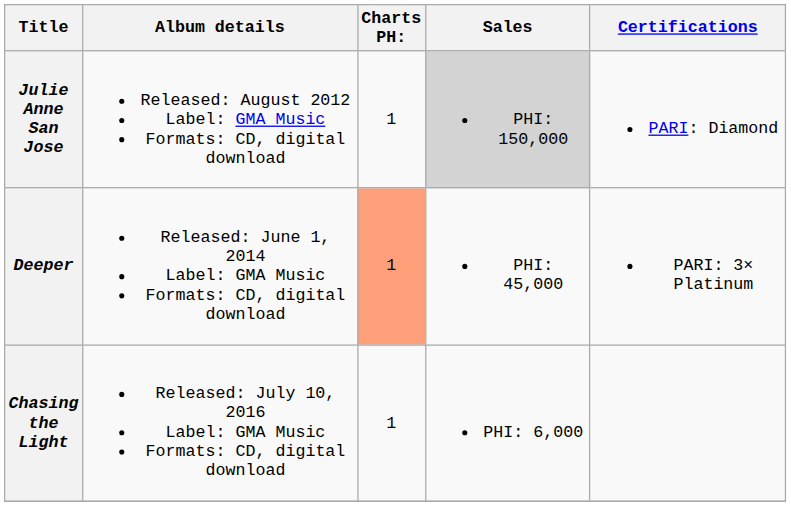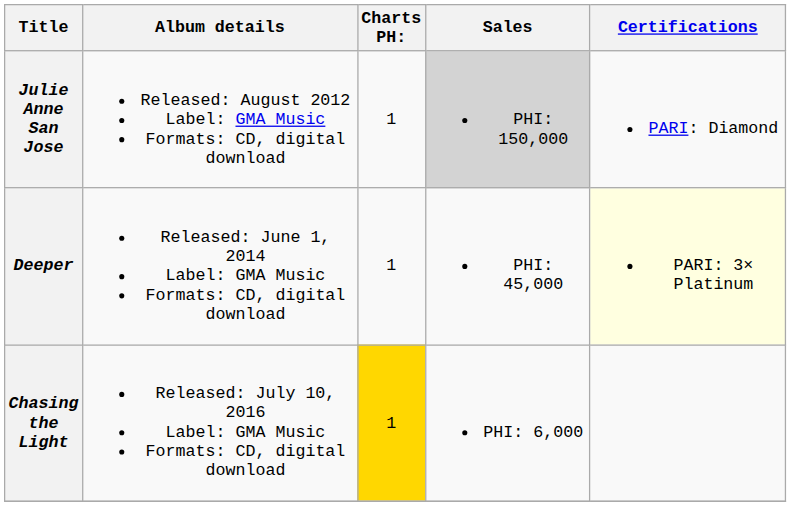 <table class="wikitable plainrowheaders" style="text-align:center;" style="text-align:center;">
 <tr>
 <th>Title</th>
 <th style="width:18em;">Album details</th>
 <th>Charts<br>PH:</th>
 <th style="width:10em;">Sales</th>
 <th style="width:12em;"><a href='#'>Certifications</a></th>
 </tr>
 <tr>
 <th scope="row"><em>Julie Anne San Jose</em></th>
 <td><br><ul><li>Released: August 2012</li><li>Label: <a href='#'>GMA Music</a></li><li>Formats: CD, digital download</li></ul></td>
 <td>1</td>
 <td style="background: lightgrey;"><br><ul><li>PHI: 150,000</li></ul></td>
 <td><br><ul><li><a href='#'>PARI</a>: Diamond</li></ul></td>
 </tr>
 <tr>
 <th scope="row"><em>Deeper</em></th>
 <td><br><ul><li>Released: June 1, 2014</li><li>Label: GMA Music</li><li>Formats: CD, digital download</li></ul></td>
-<td style="background: lightsalmon;">1</td>
+<td>1</td>
 <td><br><ul><li>PHI: 45,000</li></ul></td>
-<td><br><ul><li>PARI: 3× Platinum</li></ul></td>
+<td style="background: lightyellow;"><br><ul><li>PARI: 3× Platinum</li></ul></td>
 </tr>
 <tr>
 <th scope="row"><em>Chasing the Light</em></th>
 <td><br><ul><li>Released: July 10, 2016</li><li>Label: GMA Music</li><li>Formats: CD, digital download</li></ul></td>
-<td>1</td>
+<td style="background: gold;">1</td>
 <td><br><ul><li>PHI: 6,000</li></ul></td>
 <td></td>
 </tr>
 <tr>
 </tr>
 </table>
